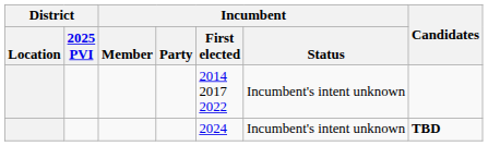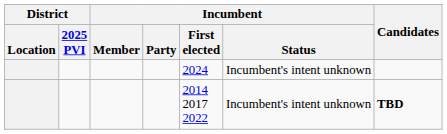 <table class="wikitable sortable">
 <tr>
 <th colspan=2>District</th>
 <th colspan=4>Incumbent</th>
 <th rowspan=2 class="unsortable">Candidates</th>
 </tr>
 <tr valign=bottom>
 <th>Location</th>
 <th><a href='#'>2025<br>PVI</a></th>
 <th>Member</th>
 <th>Party</th>
 <th>First<br>elected</th>
 <th>Status</th>
 </tr>
 <tr>
 <th></th>
 <td></td>
 <td></td>
 <td></td>
-<td><a href='#'>2014</a><br>2017 <br><a href='#'>2022</a></td>
+<td><a href='#'>2024</a></td>
 <td>Incumbent's intent unknown</td>
 <td></td>
 </tr>
 <tr>
 <th></th>
 <td></td>
 <td></td>
 <td></td>
-<td><a href='#'>2024</a></td>
+<td><a href='#'>2014</a><br>2017 <br><a href='#'>2022</a></td>
 <td>Incumbent's intent unknown</td>
 <td><strong>TBD</strong></td>
 </tr>
 </table>
